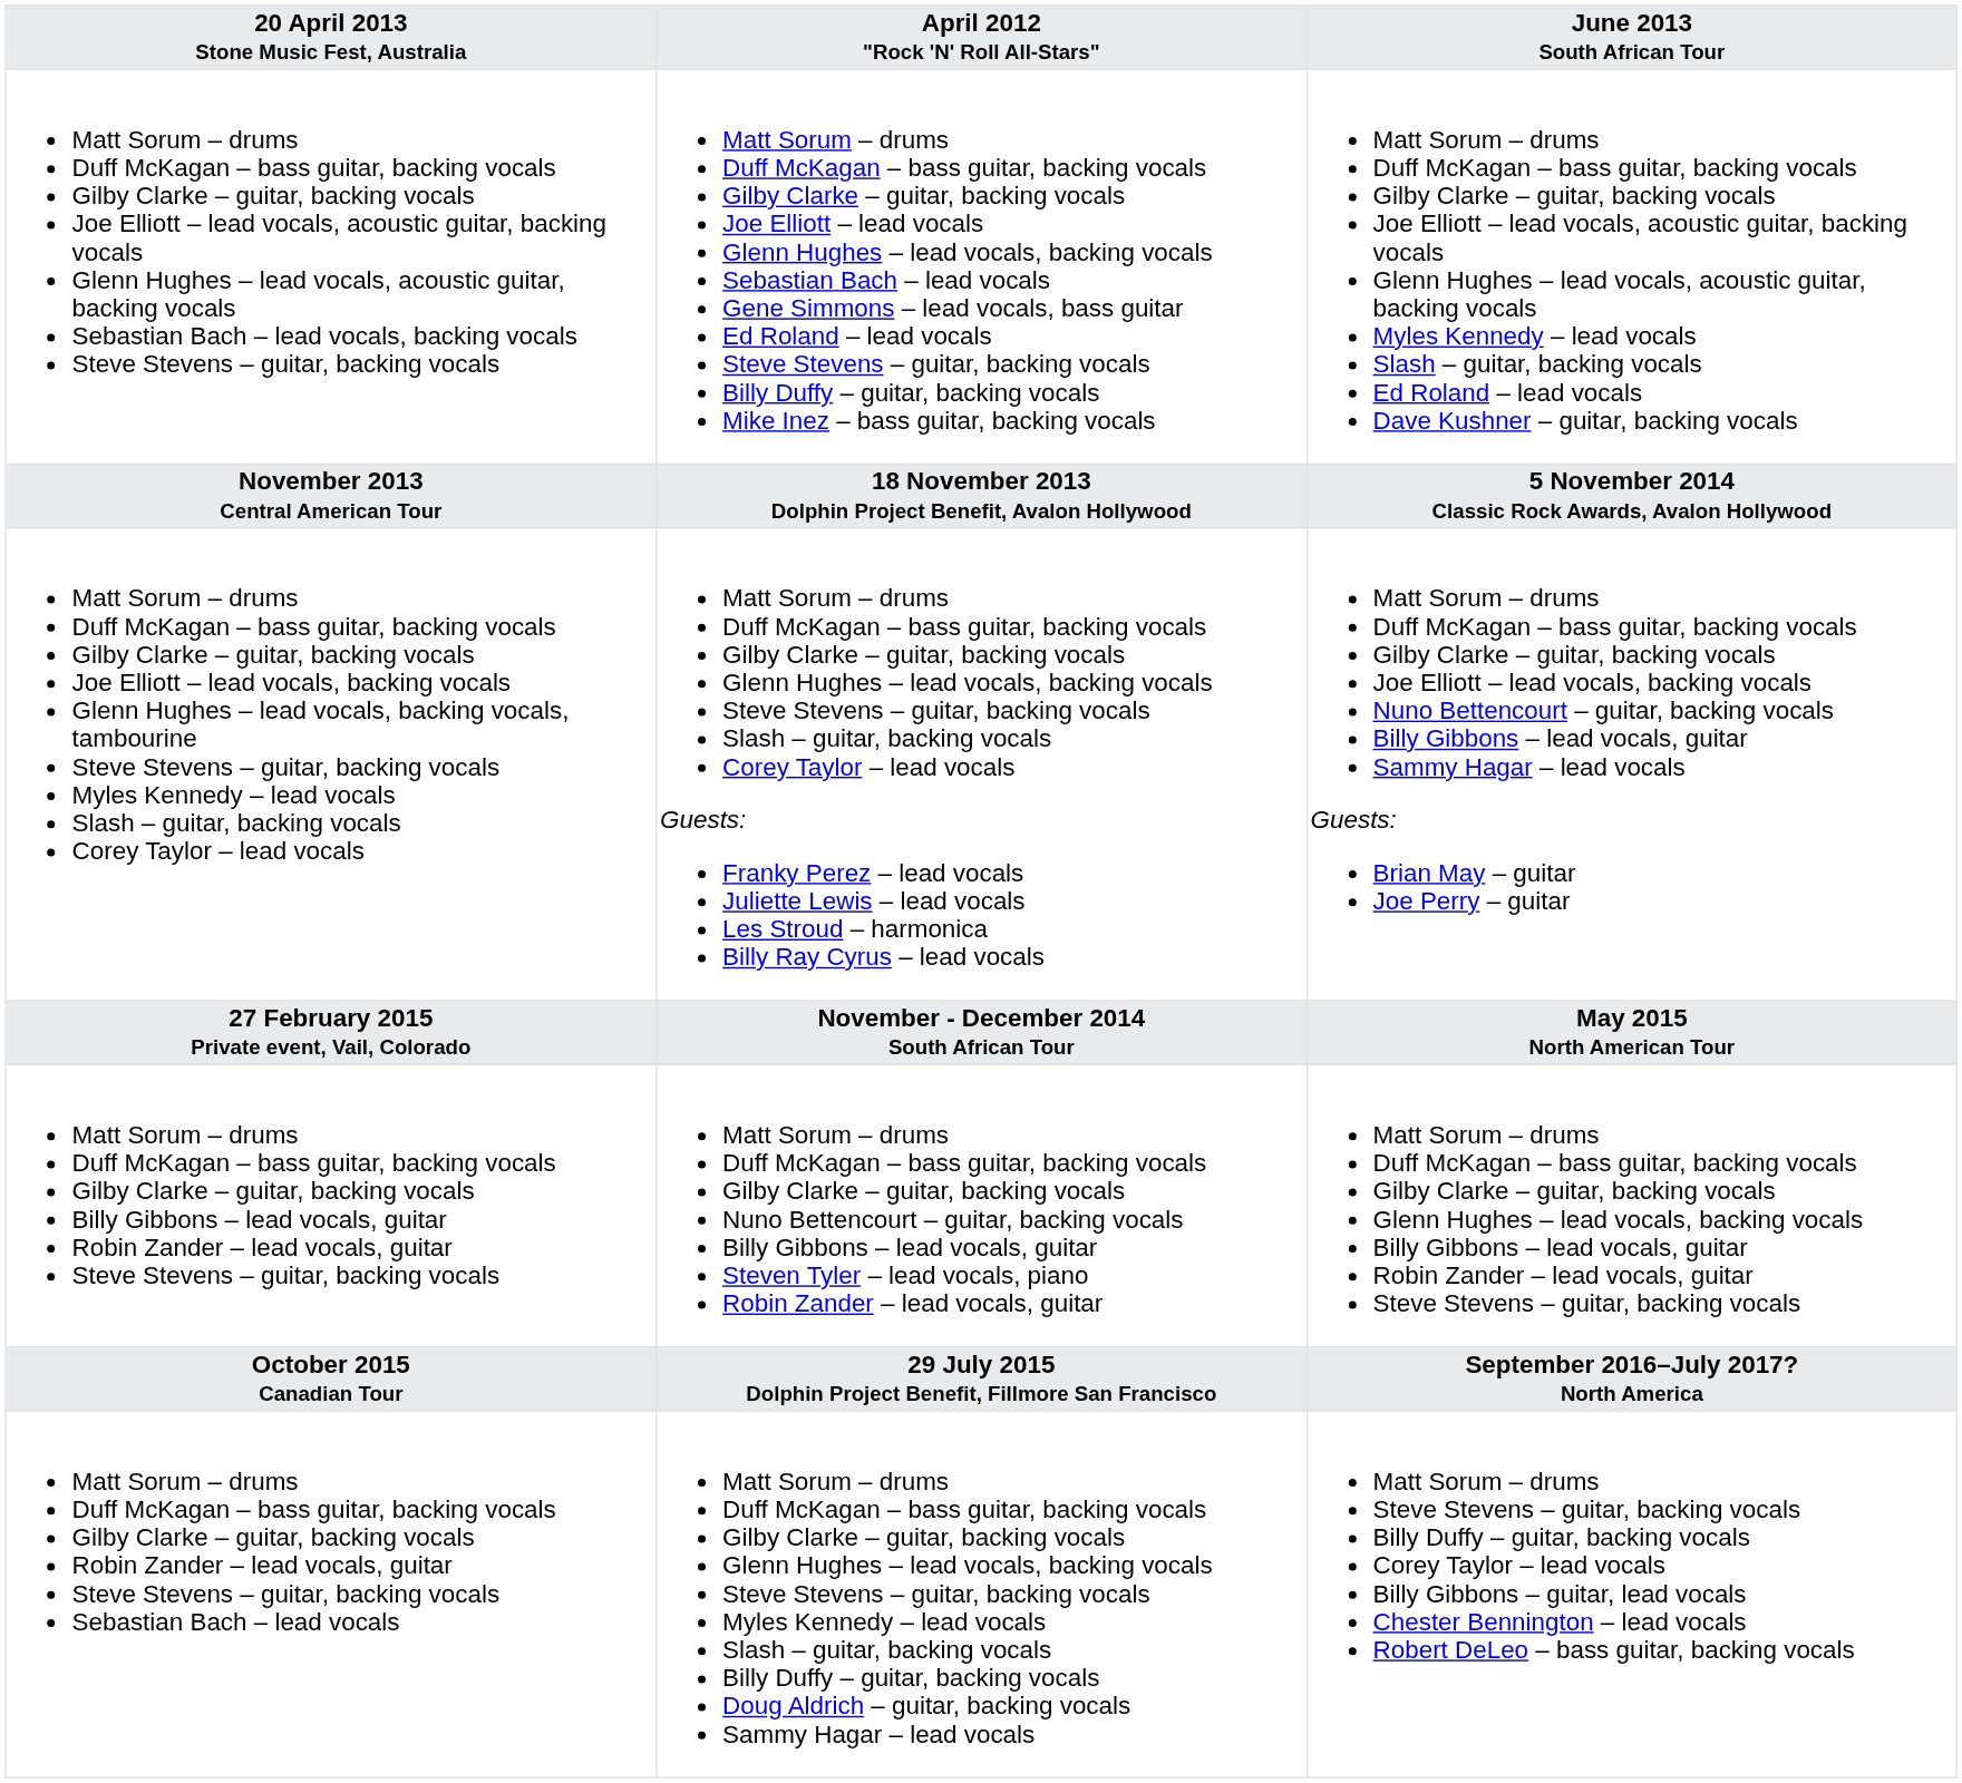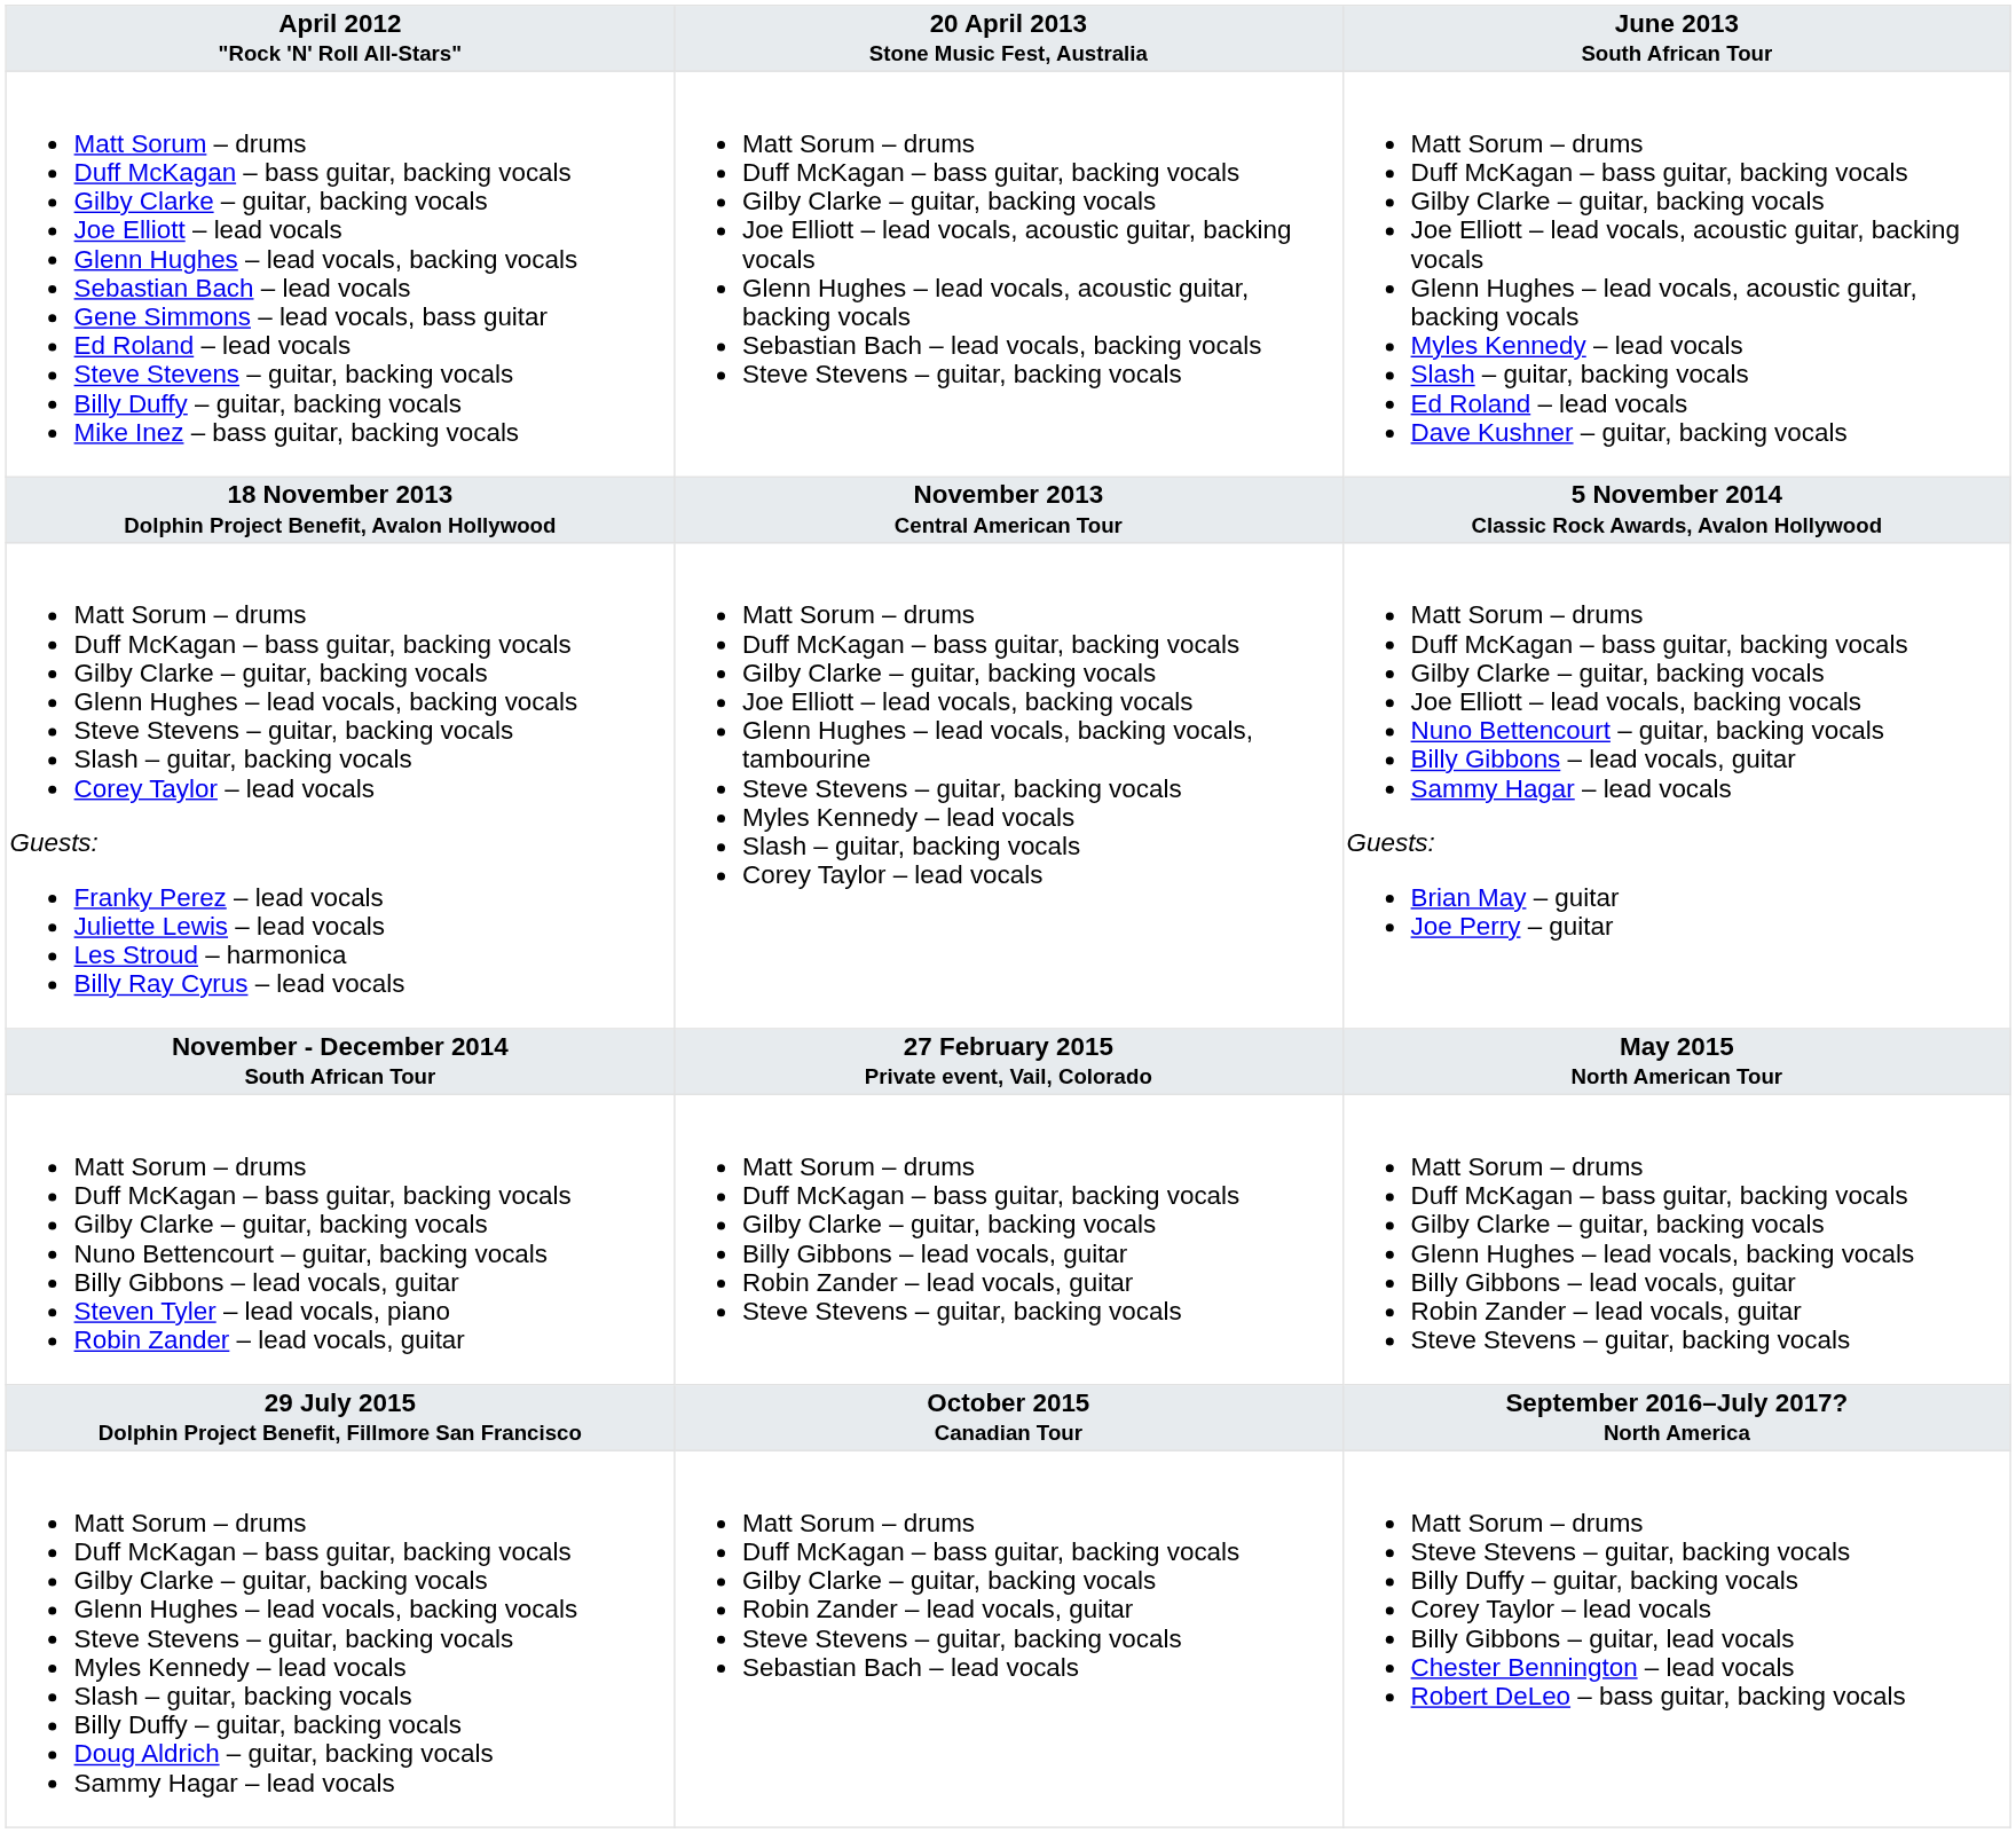 <table class="toccolours" border="1" cellpadding="2" cellspacing="0"  style="float:width:375px; margin:0 0 1em 1em; border-collapse:collapse; border:1px solid #e2e2e2; width:99%;">
 <tr>
+<th style="vertical-align:top; background:#e7ebee; width:33%;">April 2012<br><small>"Rock 'N' Roll All-Stars"</small></th>
 <th style="vertical-align:top; background:#e7ebee; width:33%;">20 April 2013<br><small>Stone Music Fest, Australia</small></th>
-<th style="vertical-align:top; background:#e7ebee; width:33%;">April 2012<br><small>"Rock 'N' Roll All-Stars"</small></th>
 <th style="vertical-align:top; background:#e7ebee; width:33%;">June 2013 <br><small>South African Tour</small></th>
 </tr>
 <tr>
+<td valign=top><br><ul><li><a href='#'>Matt Sorum</a> – drums</li><li><a href='#'>Duff McKagan</a> – bass guitar, backing vocals</li><li><a href='#'>Gilby Clarke</a> – guitar, backing vocals</li><li><a href='#'>Joe Elliott</a> – lead vocals</li><li><a href='#'>Glenn Hughes</a> – lead vocals, backing vocals</li><li><a href='#'>Sebastian Bach</a> – lead vocals</li><li><a href='#'>Gene Simmons</a> – lead vocals, bass guitar</li><li><a href='#'>Ed Roland</a> – lead vocals</li><li><a href='#'>Steve Stevens</a> – guitar, backing vocals</li><li><a href='#'>Billy Duffy</a> – guitar, backing vocals</li><li><a href='#'>Mike Inez</a> – bass guitar, backing vocals</li></ul></td>
 <td valign=top><br><ul><li>Matt Sorum – drums</li><li>Duff McKagan – bass guitar, backing vocals</li><li>Gilby Clarke – guitar, backing vocals</li><li>Joe Elliott – lead vocals, acoustic guitar, backing vocals</li><li>Glenn Hughes – lead vocals, acoustic guitar, backing vocals</li><li>Sebastian Bach – lead vocals, backing vocals</li><li>Steve Stevens – guitar, backing vocals</li></ul></td>
-<td valign=top><br><ul><li><a href='#'>Matt Sorum</a> – drums</li><li><a href='#'>Duff McKagan</a> – bass guitar, backing vocals</li><li><a href='#'>Gilby Clarke</a> – guitar, backing vocals</li><li><a href='#'>Joe Elliott</a> – lead vocals</li><li><a href='#'>Glenn Hughes</a> – lead vocals, backing vocals</li><li><a href='#'>Sebastian Bach</a> – lead vocals</li><li><a href='#'>Gene Simmons</a> – lead vocals, bass guitar</li><li><a href='#'>Ed Roland</a> – lead vocals</li><li><a href='#'>Steve Stevens</a> – guitar, backing vocals</li><li><a href='#'>Billy Duffy</a> – guitar, backing vocals</li><li><a href='#'>Mike Inez</a> – bass guitar, backing vocals</li></ul></td>
 <td valign=top><br><ul><li>Matt Sorum – drums</li><li>Duff McKagan – bass guitar, backing vocals</li><li>Gilby Clarke – guitar, backing vocals</li><li>Joe Elliott – lead vocals, acoustic guitar, backing vocals</li><li>Glenn Hughes – lead vocals, acoustic guitar, backing vocals</li><li><a href='#'>Myles Kennedy</a> – lead vocals</li><li><a href='#'>Slash</a> – guitar, backing vocals</li><li><a href='#'>Ed Roland</a> – lead vocals</li><li><a href='#'>Dave Kushner</a> – guitar, backing vocals</li></ul></td>
 </tr>
 <tr>
+<th style="vertical-align:top; background:#e7ebee; width:33%;">18 November 2013<br><small>Dolphin Project Benefit, Avalon Hollywood</small></th>
 <th style="vertical-align:top; background:#e7ebee; width:33%;">November 2013<br><small>Central American Tour</small></th>
-<th style="vertical-align:top; background:#e7ebee; width:33%;">18 November 2013<br><small>Dolphin Project Benefit, Avalon Hollywood</small></th>
 <th style="vertical-align:top; background:#e7ebee; width:33%;">5 November 2014<br><small>Classic Rock Awards, Avalon Hollywood</small></th>
 </tr>
 <tr>
+<td valign=top><br><ul><li>Matt Sorum – drums</li><li>Duff McKagan – bass guitar, backing vocals</li><li>Gilby Clarke – guitar, backing vocals</li><li>Glenn Hughes – lead vocals, backing vocals</li><li>Steve Stevens – guitar, backing vocals</li><li>Slash – guitar, backing vocals</li><li><a href='#'>Corey Taylor</a> – lead vocals</li></ul><em>Guests:</em><ul><li><a href='#'>Franky Perez</a> – lead vocals</li><li><a href='#'>Juliette Lewis</a> – lead vocals</li><li><a href='#'>Les Stroud</a> – harmonica</li><li><a href='#'>Billy Ray Cyrus</a> – lead vocals</li></ul></td>
 <td valign=top><br><ul><li>Matt Sorum – drums</li><li>Duff McKagan – bass guitar, backing vocals</li><li>Gilby Clarke – guitar, backing vocals</li><li>Joe Elliott – lead vocals, backing vocals</li><li>Glenn Hughes – lead vocals, backing vocals, tambourine</li><li>Steve Stevens – guitar, backing vocals</li><li>Myles Kennedy – lead vocals</li><li>Slash – guitar, backing vocals</li><li>Corey Taylor – lead vocals</li></ul></td>
-<td valign=top><br><ul><li>Matt Sorum – drums</li><li>Duff McKagan – bass guitar, backing vocals</li><li>Gilby Clarke – guitar, backing vocals</li><li>Glenn Hughes – lead vocals, backing vocals</li><li>Steve Stevens – guitar, backing vocals</li><li>Slash – guitar, backing vocals</li><li><a href='#'>Corey Taylor</a> – lead vocals</li></ul><em>Guests:</em><ul><li><a href='#'>Franky Perez</a> – lead vocals</li><li><a href='#'>Juliette Lewis</a> – lead vocals</li><li><a href='#'>Les Stroud</a> – harmonica</li><li><a href='#'>Billy Ray Cyrus</a> – lead vocals</li></ul></td>
 <td valign=top><br><ul><li>Matt Sorum – drums</li><li>Duff McKagan – bass guitar, backing vocals</li><li>Gilby Clarke – guitar, backing vocals</li><li>Joe Elliott – lead vocals, backing vocals</li><li><a href='#'>Nuno Bettencourt</a> – guitar, backing vocals</li><li><a href='#'>Billy Gibbons</a> – lead vocals, guitar</li><li><a href='#'>Sammy Hagar</a> – lead vocals</li></ul><em>Guests:</em><ul><li><a href='#'>Brian May</a> – guitar</li><li><a href='#'>Joe Perry</a> – guitar</li></ul></td>
 </tr>
 <tr>
+<th style="vertical-align:top; background:#e7ebee; width:33%;">November - December 2014<br><small>South African Tour</small></th>
 <th style="vertical-align:top; background:#e7ebee; width:33%;">27 February 2015<br><small> Private event, Vail, Colorado</small></th>
-<th style="vertical-align:top; background:#e7ebee; width:33%;">November - December 2014<br><small>South African Tour</small></th>
 <th style="vertical-align:top; background:#e7ebee; width:33%;">May 2015<br><small>North American Tour</small></th>
 </tr>
 <tr>
+<td valign=top><br><ul><li>Matt Sorum – drums</li><li>Duff McKagan – bass guitar, backing vocals</li><li>Gilby Clarke – guitar, backing vocals</li><li>Nuno Bettencourt – guitar, backing vocals</li><li>Billy Gibbons – lead vocals, guitar</li><li><a href='#'>Steven Tyler</a> – lead vocals, piano</li><li><a href='#'>Robin Zander</a> – lead vocals, guitar</li></ul></td>
 <td valign=top><br><ul><li>Matt Sorum – drums</li><li>Duff McKagan – bass guitar, backing vocals</li><li>Gilby Clarke – guitar, backing vocals</li><li>Billy Gibbons – lead vocals, guitar</li><li>Robin Zander – lead vocals, guitar</li><li>Steve Stevens – guitar, backing vocals</li></ul></td>
-<td valign=top><br><ul><li>Matt Sorum – drums</li><li>Duff McKagan – bass guitar, backing vocals</li><li>Gilby Clarke – guitar, backing vocals</li><li>Nuno Bettencourt – guitar, backing vocals</li><li>Billy Gibbons – lead vocals, guitar</li><li><a href='#'>Steven Tyler</a> – lead vocals, piano</li><li><a href='#'>Robin Zander</a> – lead vocals, guitar</li></ul></td>
 <td valign=top><br><ul><li>Matt Sorum – drums</li><li>Duff McKagan – bass guitar, backing vocals</li><li>Gilby Clarke – guitar, backing vocals</li><li>Glenn Hughes – lead vocals, backing vocals</li><li>Billy Gibbons – lead vocals, guitar</li><li>Robin Zander – lead vocals, guitar</li><li>Steve Stevens – guitar, backing vocals</li></ul></td>
 </tr>
 <tr>
+<th style="vertical-align:top; background:#e7ebee; width:33%;">29 July 2015<br><small>Dolphin Project Benefit, Fillmore San Francisco</small></th>
 <th style="vertical-align:top; background:#e7ebee; width:33%;">October 2015<br><small> Canadian Tour</small></th>
-<th style="vertical-align:top; background:#e7ebee; width:33%;">29 July 2015<br><small>Dolphin Project Benefit, Fillmore San Francisco</small></th>
 <th style="vertical-align:top; background:#e7ebee; width:33%;">September 2016–July 2017?<br><small> North America</small></th>
 </tr>
 <tr>
+<td valign=top><br><ul><li>Matt Sorum – drums</li><li>Duff McKagan – bass guitar, backing vocals</li><li>Gilby Clarke – guitar, backing vocals</li><li>Glenn Hughes – lead vocals, backing vocals</li><li>Steve Stevens – guitar, backing vocals</li><li>Myles Kennedy – lead vocals</li><li>Slash – guitar, backing vocals</li><li>Billy Duffy – guitar, backing vocals</li><li><a href='#'>Doug Aldrich</a> – guitar, backing vocals</li><li>Sammy Hagar – lead vocals</li></ul></td>
 <td valign=top><br><ul><li>Matt Sorum – drums</li><li>Duff McKagan – bass guitar, backing vocals</li><li>Gilby Clarke – guitar, backing vocals</li><li>Robin Zander – lead vocals, guitar</li><li>Steve Stevens – guitar, backing vocals</li><li>Sebastian Bach – lead vocals</li></ul></td>
-<td valign=top><br><ul><li>Matt Sorum – drums</li><li>Duff McKagan – bass guitar, backing vocals</li><li>Gilby Clarke – guitar, backing vocals</li><li>Glenn Hughes – lead vocals, backing vocals</li><li>Steve Stevens – guitar, backing vocals</li><li>Myles Kennedy – lead vocals</li><li>Slash – guitar, backing vocals</li><li>Billy Duffy – guitar, backing vocals</li><li><a href='#'>Doug Aldrich</a> – guitar, backing vocals</li><li>Sammy Hagar – lead vocals</li></ul></td>
 <td valign=top><br><ul><li>Matt Sorum – drums</li><li>Steve Stevens – guitar, backing vocals</li><li>Billy Duffy – guitar, backing vocals</li><li>Corey Taylor – lead vocals</li><li>Billy Gibbons – guitar, lead vocals</li><li><a href='#'>Chester Bennington</a> – lead vocals</li><li><a href='#'>Robert DeLeo</a> – bass guitar, backing vocals</li></ul></td>
 </tr>
 </table>
